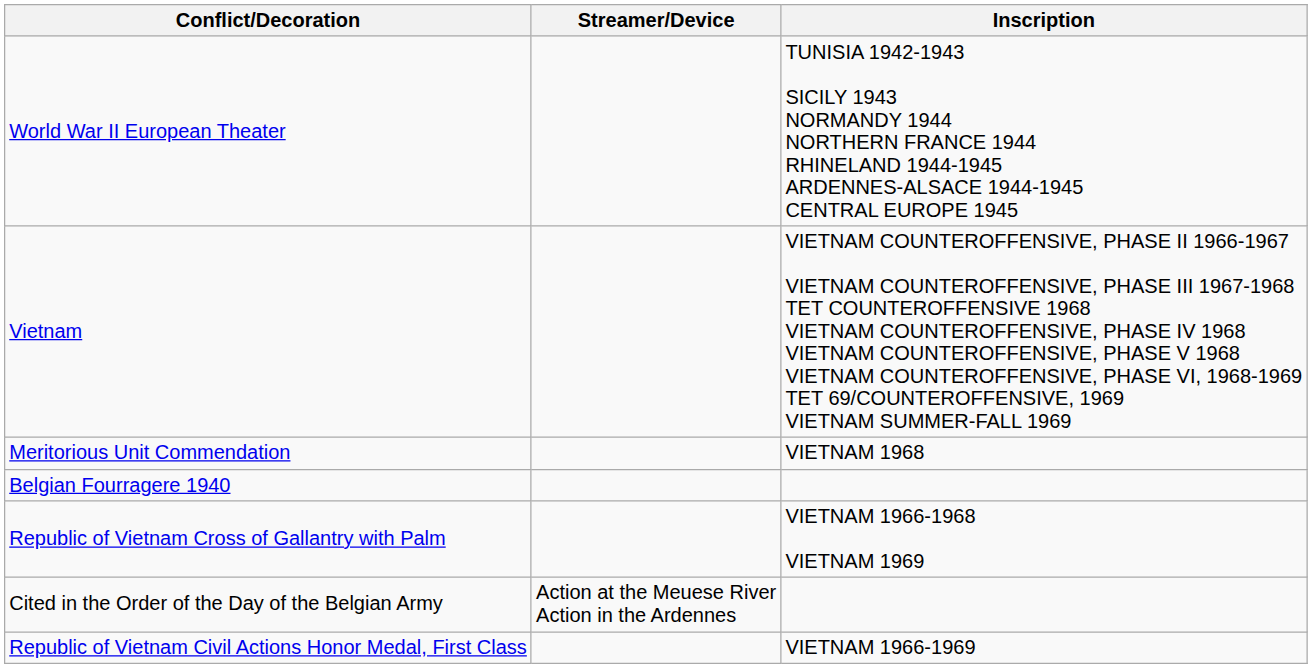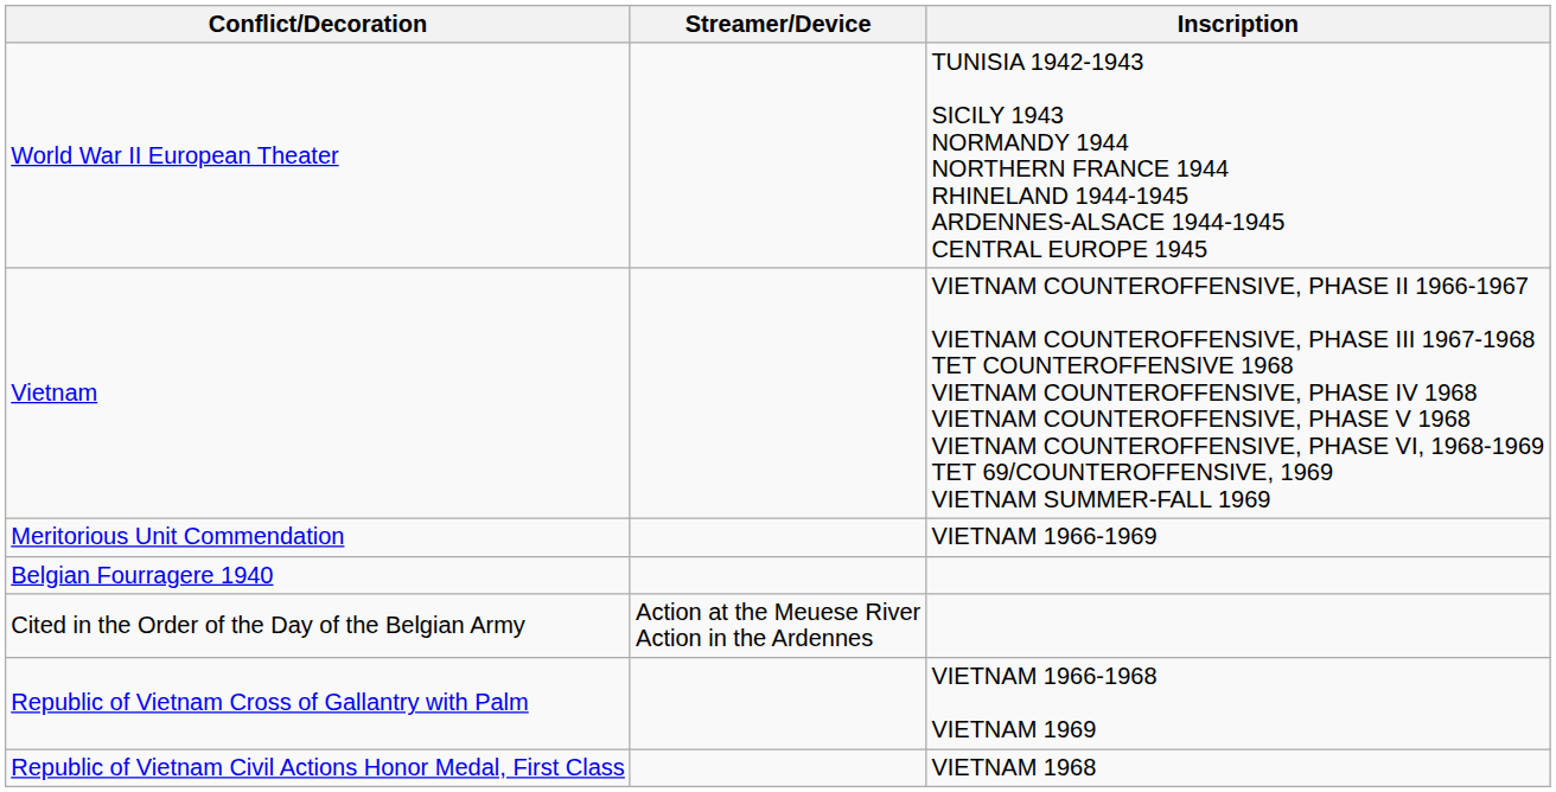 <table class="wikitable">
 <tr style="background:#efefef;">
 <th>Conflict/Decoration</th>
 <th>Streamer/Device</th>
 <th>Inscription</th>
 </tr>
 <tr>
 <td><a href='#'>World War II European Theater</a></td>
 <td><br><br> <br> <br> <br> <br> <br> </td>
 <td>TUNISIA 1942-1943<br><br>SICILY 1943<br> NORMANDY 1944<br> NORTHERN FRANCE 1944<br> RHINELAND 1944-1945<br> ARDENNES-ALSACE 1944-1945<br> CENTRAL EUROPE 1945<br></td>
 </tr>
 <tr>
 <td><a href='#'>Vietnam</a></td>
 <td><br><br><br> <br> <br> <br> <br> <br> <br></td>
 <td>VIETNAM COUNTEROFFENSIVE, PHASE II 1966-1967<br><br>VIETNAM COUNTEROFFENSIVE, PHASE III 1967-1968<br> TET COUNTEROFFENSIVE 1968<br> VIETNAM COUNTEROFFENSIVE, PHASE IV 1968<br> VIETNAM COUNTEROFFENSIVE, PHASE V 1968<br> VIETNAM COUNTEROFFENSIVE, PHASE VI, 1968-1969<br> TET 69/COUNTEROFFENSIVE, 1969<br> VIETNAM SUMMER-FALL 1969<br></td>
 </tr>
 <tr>
 <td><a href='#'>Meritorious Unit Commendation</a></td>
 <td><br></td>
-<td>VIETNAM 1968<br></td>
+<td>VIETNAM 1966-1969</td>
 </tr>
 <tr>
 <td><a href='#'>Belgian Fourragere 1940</a></td>
 <td></td>
+<td></td>
+</tr>
+<tr>
+<td>Cited in the Order of the Day of the Belgian Army</td>
+<td>Action at the Meuese River<br>Action in the Ardennes</td>
 <td></td>
 </tr>
 <tr>
 <td><a href='#'>Republic of Vietnam Cross of Gallantry with Palm</a><br></td>
 <td><br><br><br></td>
 <td>VIETNAM 1966-1968<br><br>VIETNAM 1969<br></td>
 </tr>
 <tr>
-<td>Cited in the Order of the Day of the Belgian Army</td>
-<td>Action at the Meuese River<br>Action in the Ardennes</td>
-<td></td>
-</tr>
-<tr>
 <td><a href='#'>Republic of Vietnam Civil Actions Honor Medal, First Class</a></td>
 <td></td>
-<td>VIETNAM 1966-1969</td>
+<td>VIETNAM 1968<br></td>
 </tr>
 </table>
